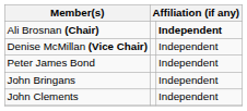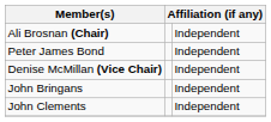 <table class="wikitable">
 <tr>
 <th>Member(s)</th>
 <th colspan="2">Affiliation (if any)</th>
 </tr>
 <tr>
 <td>Ali Brosnan <strong>(Chair)</strong></td>
 <td></td>
-<td><strong>Independent</strong></td>
+<td>Independent</td>
 </tr>
 <tr>
-<td>Denise McMillan <strong>(Vice Chair)</strong></td>
+<td>Peter James Bond</td>
 <td></td>
 <td>Independent</td>
 </tr>
 <tr>
-<td>Peter James Bond</td>
+<td>Denise McMillan <strong>(Vice Chair)</strong></td>
 <td></td>
 <td>Independent</td>
 </tr>
 <tr>
 <td>John Bringans</td>
 <td></td>
 <td>Independent</td>
 </tr>
 <tr>
 <td>John Clements</td>
 <td></td>
 <td>Independent</td>
 </tr>
 <tr>
 </tr>
 </table>
